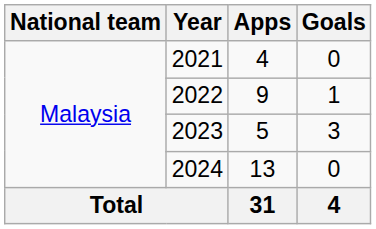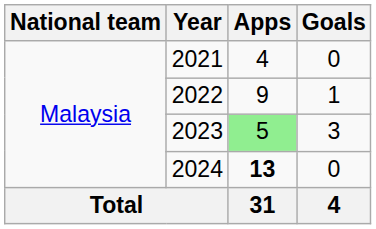 <table class="wikitable" style="text-align:center">
 <tr>
 <th>National team</th>
 <th>Year</th>
 <th>Apps</th>
 <th>Goals</th>
 </tr>
 <tr>
 <td rowspan="4"><a href='#'>Malaysia</a></td>
 <td>2021</td>
 <td>4</td>
 <td>0</td>
 </tr>
 <tr>
 <td>2022</td>
 <td>9</td>
 <td>1</td>
 </tr>
 <tr>
 <td>2023</td>
-<td>5</td>
+<td style="background: lightgreen;">5</td>
 <td>3</td>
 </tr>
 <tr>
 <td>2024</td>
-<td>13</td>
+<td><strong>13</strong></td>
 <td>0</td>
 </tr>
 <tr>
 <th colspan="2">Total</th>
 <th>31</th>
 <th>4</th>
 </tr>
 </table>
